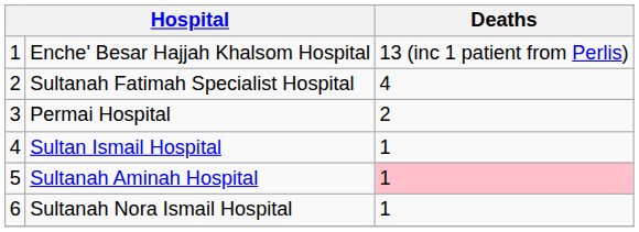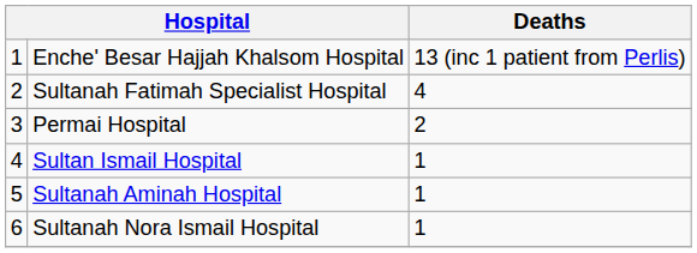 <table class="wikitable sortable mw-collapsible mw-collapsed">
 <tr>
 <th colspan="2"><a href='#'>Hospital</a></th>
 <th>Deaths</th>
 </tr>
 <tr>
 <td>1</td>
 <td> Enche' Besar Hajjah Khalsom Hospital</td>
 <td>13 (inc 1 patient from <a href='#'>Perlis</a>)</td>
 </tr>
 <tr>
 <td>2</td>
 <td> Sultanah Fatimah Specialist Hospital</td>
 <td>4</td>
 </tr>
 <tr>
 <td>3</td>
 <td> Permai Hospital</td>
 <td>2</td>
 </tr>
 <tr>
 <td>4</td>
 <td> <a href='#'>Sultan Ismail Hospital</a></td>
 <td>1</td>
 </tr>
 <tr>
 <td>5</td>
 <td> <a href='#'>Sultanah Aminah Hospital</a></td>
-<td style="background: pink;">1</td>
+<td>1</td>
 </tr>
 <tr>
 <td>6</td>
 <td> Sultanah Nora Ismail Hospital</td>
 <td>1</td>
 </tr>
 <tr>
 </tr>
 </table>
